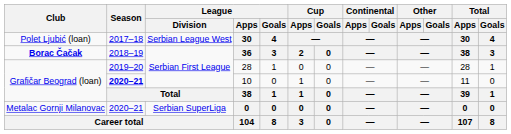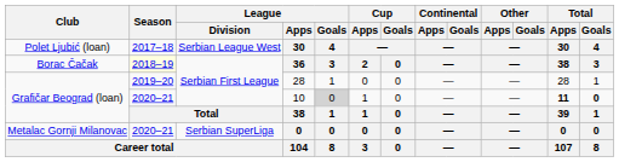 <table class="wikitable" style="text-align: center;font-size:90%">
 <tr>
 <th rowspan="2">Club</th>
 <th rowspan="2">Season</th>
 <th colspan="3">League</th>
 <th colspan="2">Cup</th>
 <th colspan="2">Continental</th>
 <th colspan="2">Other</th>
 <th colspan="2">Total</th>
 </tr>
 <tr>
 <th>Division</th>
 <th>Apps</th>
 <th>Goals</th>
 <th>Apps</th>
 <th>Goals</th>
 <th>Apps</th>
 <th>Goals</th>
 <th>Apps</th>
 <th>Goals</th>
 <th>Apps</th>
 <th>Goals</th>
 </tr>
 <tr>
 <td><a href='#'>Polet Ljubić</a> (loan)</td>
 <td><a href='#'>2017–18</a></td>
 <td><a href='#'>Serbian League West</a></td>
 <th>30</th>
 <th>4</th>
 <th colspan="2">—</th>
 <th colspan="2">—</th>
 <th colspan="2">—</th>
 <th>30</th>
 <th>4</th>
 </tr>
 <tr>
-<td><strong><a href='#'>Borac Čačak</a></strong></td>
-<td><a href='#'>2018–19</a></td>
+<td><a href='#'>Borac Čačak</a></td>
+<td style="background: lightyellow;"><a href='#'>2018–19</a></td>
 <td rowspan=3><a href='#'>Serbian First League</a></td>
 <th>36</th>
 <th>3</th>
 <th>2</th>
 <th>0</th>
 <th colspan="2">—</th>
 <th colspan="2">—</th>
 <th>38</th>
 <th>3</th>
 </tr>
 <tr>
 <td rowspan=3><a href='#'>Grafičar Beograd</a> (loan)</td>
 <td><a href='#'>2019–20</a></td>
 <td>28</td>
 <td>1</td>
 <td>0</td>
 <td>0</td>
 <td colspan="2">—</td>
 <td colspan="2">—</td>
 <td>28</td>
 <td>1</td>
 </tr>
 <tr>
-<td><strong><a href='#'>2020–21</a></strong></td>
+<td><a href='#'>2020–21</a></td>
 <td>10</td>
-<td>0</td>
+<td style="background: lightgrey;">0</td>
 <td>1</td>
 <td>0</td>
 <td colspan="2">—</td>
 <td colspan="2">—</td>
-<td>11</td>
-<td>0</td>
+<td><strong>11</strong></td>
+<td><strong>0</strong></td>
 </tr>
 <tr>
 <th colspan="2">Total</th>
 <th>38</th>
 <th>1</th>
 <th>1</th>
 <th>0</th>
 <th colspan="2">—</th>
 <th colspan="2">—</th>
 <th>39</th>
 <th>1</th>
 </tr>
 <tr>
 <td><a href='#'>Metalac Gornji Milanovac</a></td>
 <td><a href='#'>2020–21</a></td>
 <td><a href='#'>Serbian SuperLiga</a></td>
 <th>0</th>
 <th>0</th>
 <th>0</th>
 <th>0</th>
 <th colspan="2">—</th>
 <th colspan="2">—</th>
 <th>0</th>
 <th>0</th>
 </tr>
 <tr>
 <th colspan="3">Career total</th>
 <th>104</th>
 <th>8</th>
 <th>3</th>
 <th>0</th>
 <th colspan="2">—</th>
 <th colspan="2">—</th>
 <th>107</th>
 <th>8</th>
 </tr>
 </table>
